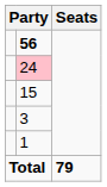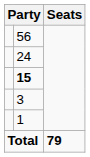 <table class="wikitable">
 <tr>
 <th colspan=2>Party</th>
 <th>Seats</th>
 </tr>
 <tr>
 <td></td>
-<td><strong>56</strong></td>
+<td>56</td>
 </tr>
 <tr>
 <td></td>
-<td style="background: pink;">24</td>
+<td>24</td>
 </tr>
 <tr>
 <td></td>
-<td>15</td>
+<td><strong>15</strong></td>
 </tr>
 <tr>
 <td></td>
 <td>3</td>
 </tr>
 <tr>
 <td></td>
 <td>1</td>
 </tr>
 <tr>
 <td colspan="2"><strong>Total</strong></td>
 <td><strong>79</strong></td>
 </tr>
 </table>
